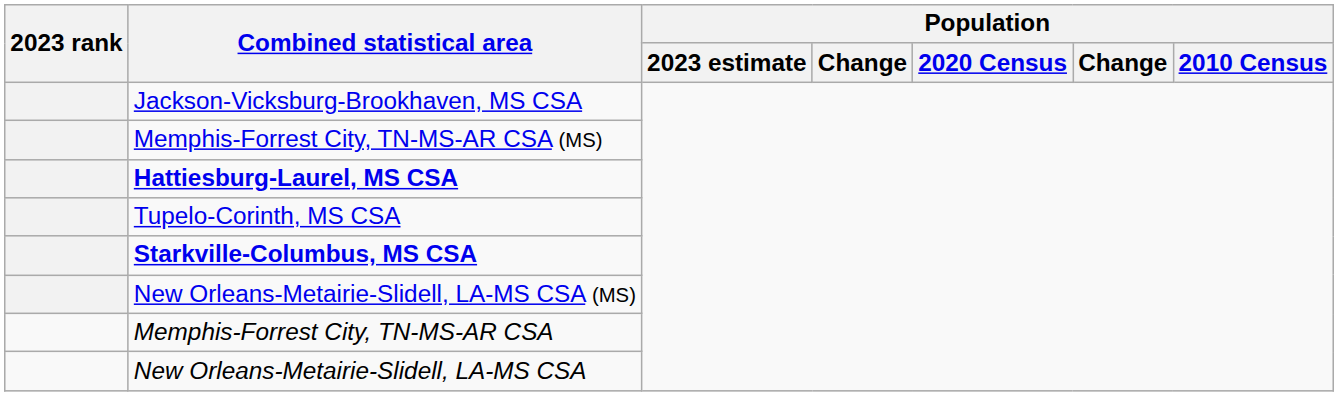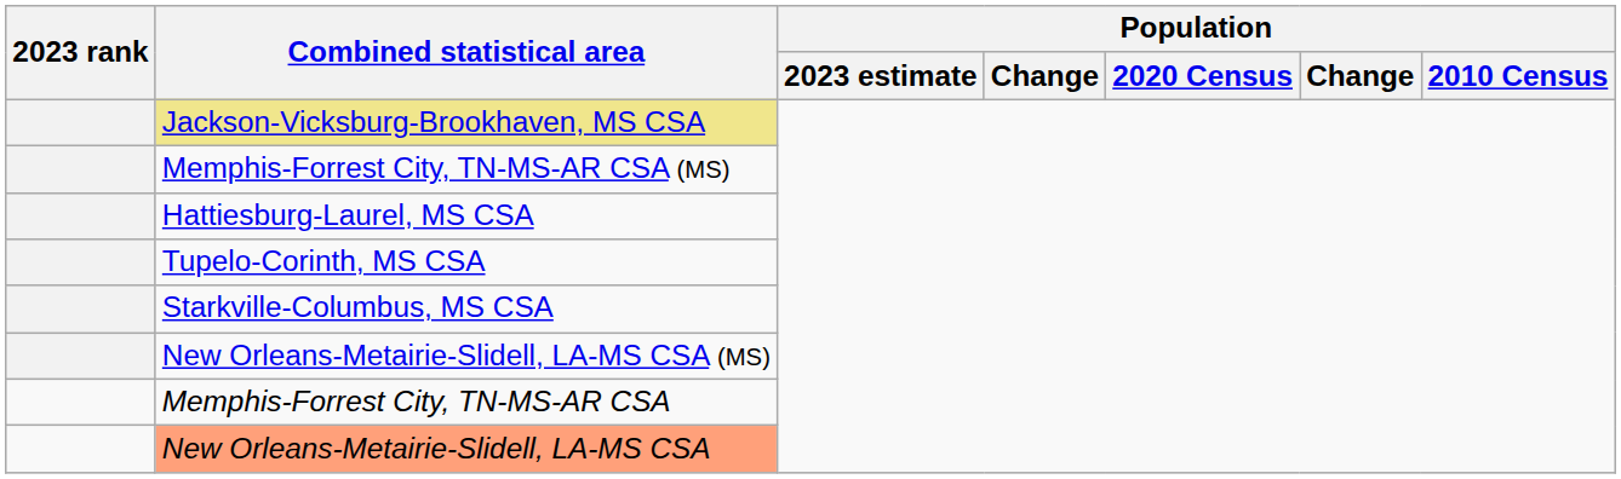 <table class="wikitable sortable">
 <tr>
 <th scope=col rowspan=2>2023 rank</th>
 <th scope=col rowspan=2><a href='#'>Combined statistical area</a></th>
 <th colspan=5>Population</th>
 </tr>
 <tr>
 <th scope=col>2023 estimate</th>
 <th scope=col>Change</th>
 <th scope=col><a href='#'>2020 Census</a></th>
 <th scope=col>Change</th>
 <th scope=col><a href='#'>2010 Census</a></th>
 </tr>
 <tr>
 <th scope=row></th>
-<td><a href='#'>Jackson-Vicksburg-Brookhaven, MS CSA</a><br></td>
+<td style="background: khaki;"><a href='#'>Jackson-Vicksburg-Brookhaven, MS CSA</a><br></td>
 </tr>
 <tr>
 <th scope=row></th>
 <td><a href='#'>Memphis-Forrest City, TN-MS-AR CSA</a> <small>(MS)</small><br></td>
 </tr>
 <tr>
 <th scope=row></th>
-<td><strong><a href='#'>Hattiesburg-Laurel, MS CSA</a><br></strong></td>
+<td><a href='#'>Hattiesburg-Laurel, MS CSA</a><br></td>
 </tr>
 <tr>
 <th scope=row></th>
 <td><a href='#'>Tupelo-Corinth, MS CSA</a><br></td>
 </tr>
 <tr>
 <th scope=row></th>
-<td><strong><a href='#'>Starkville-Columbus, MS CSA</a><br></strong></td>
+<td><a href='#'>Starkville-Columbus, MS CSA</a><br></td>
 </tr>
 <tr>
 <th scope=row></th>
 <td><a href='#'>New Orleans-Metairie-Slidell, LA-MS CSA</a> <small>(MS)</small><br></td>
 </tr>
 <tr>
 <td></td>
 <td><em><span>Memphis-Forrest City, TN-MS-AR CSA</span></em><br></td>
 </tr>
 <tr>
 <td></td>
-<td><em><span>New Orleans-Metairie-Slidell, LA-MS CSA</span></em><br></td>
+<td style="background: lightsalmon;"><em><span>New Orleans-Metairie-Slidell, LA-MS CSA</span></em><br></td>
 </tr>
 </table>
